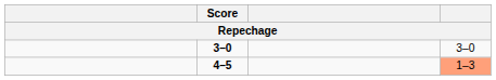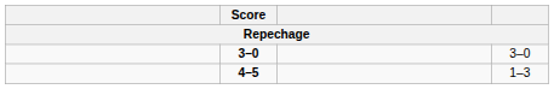 <table class="wikitable" style="text-align: left; ">
 <tr>
 <th align="right" width="270"></th>
 <th width="65">Score</th>
 <th align="left" width="270"></th>
 <th width="65"></th>
 </tr>
 <tr>
 <th colspan=4>Repechage</th>
 </tr>
 <tr>
 <td><strong></strong></td>
 <td align="center"><strong>3–0</strong></td>
 <td></td>
 <td align=center>3–0 <strong></strong></td>
 </tr>
 <tr>
 <td></td>
 <td align="center"><strong>4–5</strong></td>
 <td><strong></strong></td>
-<td align=center style="background: lightsalmon;">1–3 <strong></strong></td>
+<td align=center>1–3 <strong></strong></td>
 </tr>
 </table>
